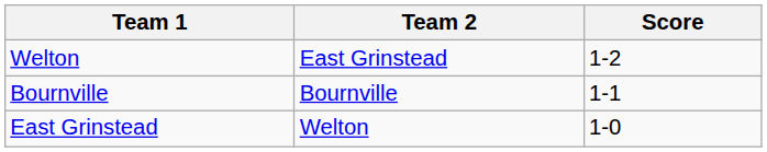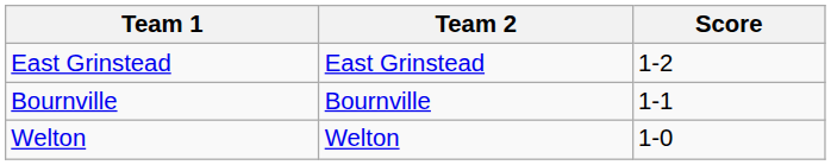 <table class="wikitable" style="font-size: 100%">
 <tr>
 <th width=200>Team 1</th>
 <th width=200>Team 2</th>
 <th width=120>Score</th>
 </tr>
 <tr>
-<td><a href='#'>Welton</a></td>
+<td><a href='#'>East Grinstead</a></td>
 <td><a href='#'>East Grinstead</a></td>
 <td>1-2</td>
 </tr>
 <tr>
 <td><a href='#'>Bournville</a></td>
 <td><a href='#'>Bournville</a></td>
 <td>1-1</td>
 </tr>
 <tr>
-<td><a href='#'>East Grinstead</a></td>
+<td><a href='#'>Welton</a></td>
 <td><a href='#'>Welton</a></td>
 <td>1-0</td>
 </tr>
 </table>
